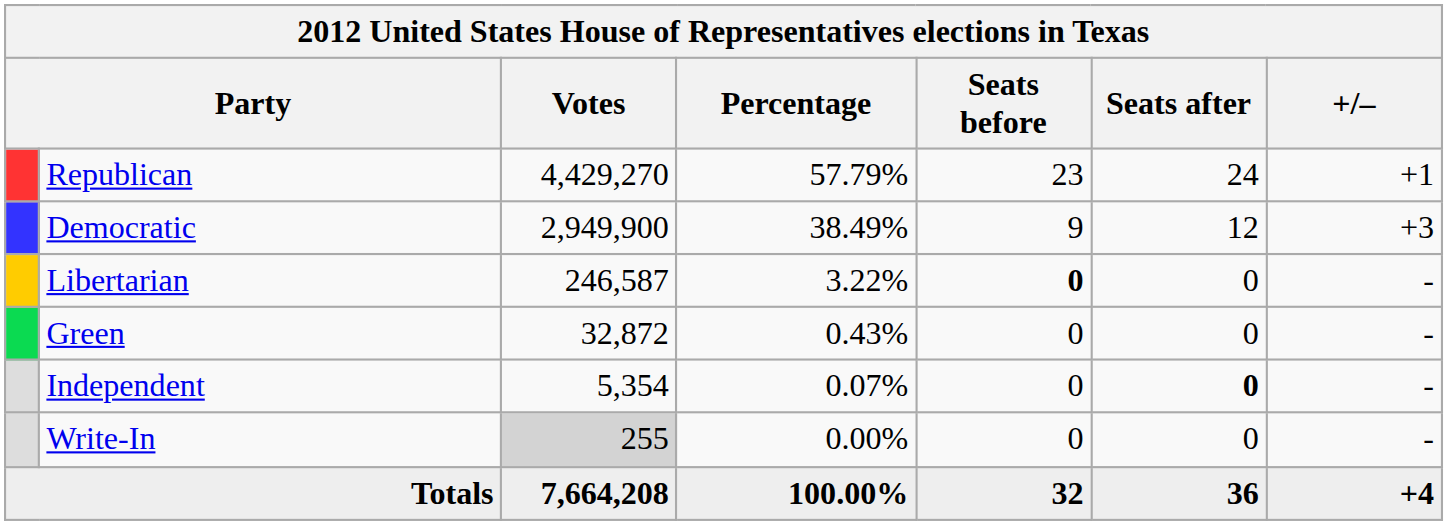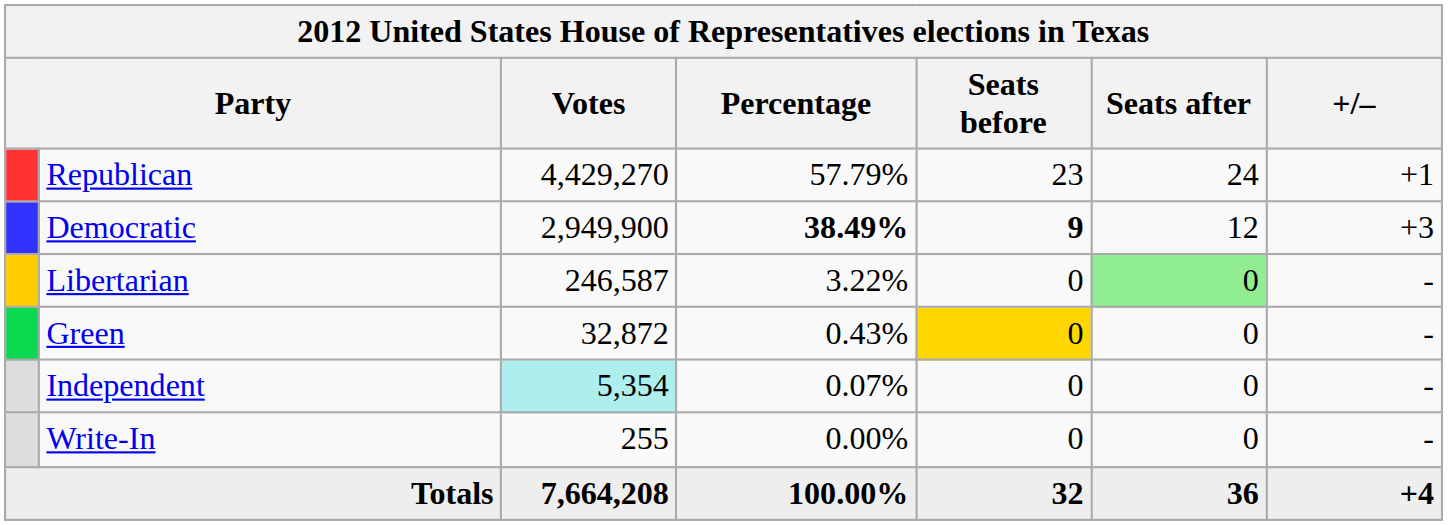 <table class="wikitable" style="font-size: 95%;">
 <tr>
 <th colspan="7">2012 United States House of Representatives elections in Texas</th>
 </tr>
 <tr>
 <th colspan=2 style="width: 15em">Party</th>
 <th style="width: 5em">Votes</th>
 <th style="width: 7em">Percentage</th>
 <th style="width: 5em">Seats before</th>
 <th style="width: 5em">Seats after</th>
 <th style="width: 5em">+/–</th>
 </tr>
 <tr>
 <th style="background:#f33; width:3px;"></th>
 <td style="width: 130px"><a href='#'>Republican</a></td>
 <td style="text-align:right;">4,429,270</td>
 <td style="text-align:right;">57.79%</td>
 <td style="text-align:right;">23</td>
 <td style="text-align:right;">24</td>
 <td style="text-align:right;">+1</td>
 </tr>
 <tr>
 <th style="background:#33f; width:3px;"></th>
 <td style="width: 130px"><a href='#'>Democratic</a></td>
 <td style="text-align:right;">2,949,900</td>
-<td style="text-align:right;">38.49%</td>
-<td style="text-align:right;">9</td>
+<td style="text-align:right;"><strong>38.49%</strong></td>
+<td style="text-align:right;"><strong>9</strong></td>
 <td style="text-align:right;">12</td>
 <td style="text-align:right;">+3</td>
 </tr>
 <tr>
 <th style="background:#fc0; width:3px;"></th>
 <td style="width: 130px"><a href='#'>Libertarian</a></td>
 <td style="text-align:right;">246,587</td>
 <td style="text-align:right;">3.22%</td>
-<td style="text-align:right;"><strong>0</strong></td>
 <td style="text-align:right;">0</td>
+<td style="background: lightgreen; text-align:right;">0</td>
 <td style="text-align:right;">-</td>
 </tr>
 <tr>
 <th style="background:#0bda51; width:3px;"></th>
 <td style="width: 130px"><a href='#'>Green</a></td>
 <td style="text-align:right;">32,872</td>
 <td style="text-align:right;">0.43%</td>
-<td style="text-align:right;">0</td>
+<td style="background: gold; text-align:right;">0</td>
 <td style="text-align:right;">0</td>
 <td style="text-align:right;">-</td>
 </tr>
 <tr>
 <th style="background:#ddd; width:3px;"></th>
 <td style="width: 130px"><a href='#'>Independent</a></td>
-<td style="text-align:right;">5,354</td>
+<td style="background: paleturquoise; text-align:right;">5,354</td>
 <td style="text-align:right;">0.07%</td>
 <td style="text-align:right;">0</td>
-<td style="text-align:right;"><strong>0</strong></td>
+<td style="text-align:right;">0</td>
 <td style="text-align:right;">-</td>
 </tr>
 <tr>
 <th style="background-color:#DDDDDD; width: 3px"></th>
 <td style="width: 130px"><a href='#'>Write-In</a></td>
-<td align="right" style="background: lightgrey;">255</td>
+<td align="right">255</td>
 <td align="right">0.00%</td>
 <td align="right">0</td>
 <td align="right">0</td>
 <td align="right">-</td>
 </tr>
 <tr style="background:#eee; text-align:right;">
 <td colspan="2"><strong>Totals</strong></td>
 <td><strong>7,664,208</strong></td>
 <td><strong>100.00%</strong></td>
 <td><strong>32</strong></td>
 <td><strong>36</strong></td>
 <td><strong>+4</strong></td>
 </tr>
 </table>
